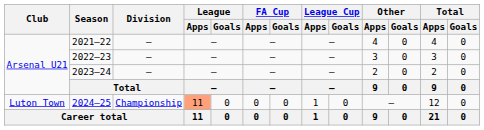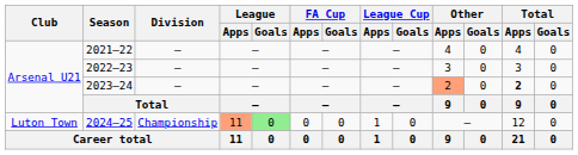 <table class="wikitable" style="text-align:center;">
 <tr>
 <th rowspan="2">Club</th>
 <th rowspan="2">Season</th>
 <th rowspan="2">Division</th>
 <th colspan="2">League</th>
 <th colspan="2"><a href='#'>FA Cup</a></th>
 <th colspan="2"><a href='#'>League Cup</a></th>
 <th colspan="2">Other</th>
 <th colspan="2">Total</th>
 </tr>
 <tr>
 <th>Apps</th>
 <th>Goals</th>
 <th>Apps</th>
 <th>Goals</th>
 <th>Apps</th>
 <th>Goals</th>
 <th>Apps</th>
 <th>Goals</th>
 <th>Apps</th>
 <th>Goals</th>
 </tr>
 <tr>
 <td rowspan="4"><a href='#'>Arsenal U21</a></td>
 <td>2021–22</td>
 <td>—</td>
 <td colspan="2">—</td>
 <td colspan="2">—</td>
 <td colspan="2">—</td>
 <td>4</td>
 <td>0</td>
 <td>4</td>
 <td>0</td>
 </tr>
 <tr>
 <td>2022–23</td>
 <td>—</td>
 <td colspan="2">—</td>
 <td colspan="2">—</td>
 <td colspan="2">—</td>
 <td>3</td>
 <td>0</td>
 <td>3</td>
 <td>0</td>
 </tr>
 <tr>
 <td>2023–24</td>
 <td>—</td>
 <td colspan="2">—</td>
 <td colspan="2">—</td>
 <td colspan="2">—</td>
-<td>2</td>
+<td style="background: lightsalmon;">2</td>
 <td>0</td>
-<td>2</td>
+<td><strong>2</strong></td>
 <td>0</td>
 </tr>
 <tr>
 <th colspan="2">Total</th>
 <th colspan="2">—</th>
 <th colspan="2">—</th>
 <th colspan="2">—</th>
 <th>9</th>
 <th>0</th>
 <th>9</th>
 <th>0</th>
 </tr>
 <tr>
 <td><a href='#'>Luton Town</a></td>
 <td><a href='#'>2024–25</a></td>
 <td><a href='#'>Championship</a></td>
 <td style="background: lightsalmon;">11</td>
-<td>0</td>
+<td style="background: lightgreen;">0</td>
 <td>0</td>
 <td>0</td>
 <td>1</td>
 <td>0</td>
 <td colspan="2">—</td>
 <td>12</td>
 <td>0</td>
 </tr>
 <tr>
 <th colspan="3">Career total</th>
 <th>11</th>
 <th>0</th>
 <th>0</th>
 <th>0</th>
 <th>1</th>
 <th>0</th>
 <th>9</th>
 <th>0</th>
 <th>21</th>
 <th>0</th>
 </tr>
 </table>
